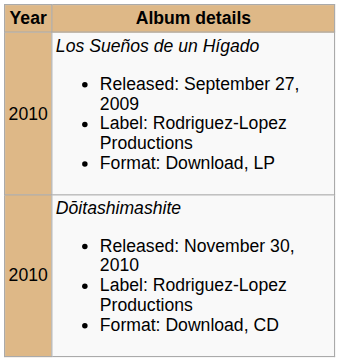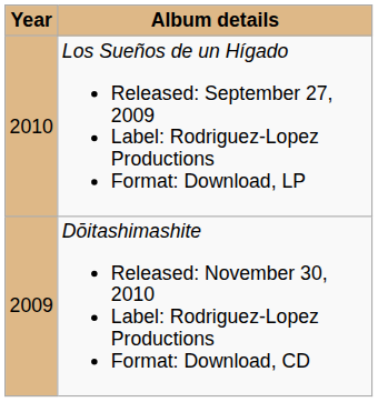 <table class ="wikitable">
 <tr>
 <th width="35" style="background: #deb887">Year</th>
 <th width="250" style="background: #deb887">Album details</th>
 </tr>
 <tr>
 <td style="background: #deb887; text-align: center">2010</td>
 <td><em>Los Sueños de un Hígado</em><br><ul><li>Released: September 27, 2009</li><li>Label: Rodriguez-Lopez Productions</li><li>Format: Download, LP</li></ul></td>
 </tr>
 <tr>
-<td style="background: #deb887; text-align: center">2010</td>
+<td style="background: #deb887; text-align: center">2009</td>
 <td><em>Dōitashimashite</em><br><ul><li>Released: November 30, 2010</li><li>Label: Rodriguez-Lopez Productions</li><li>Format: Download, CD</li></ul></td>
 </tr>
 </table>
